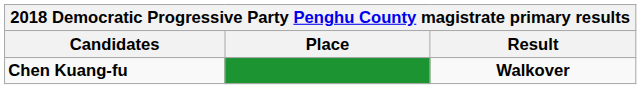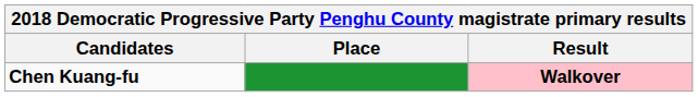 <table class="wikitable collapsible">
 <tr>
 <th colspan="5" width=600>2018 Democratic Progressive Party <a href='#'>Penghu County</a> magistrate primary results</th>
 </tr>
 <tr>
 <th width=80>Candidates</th>
 <th width=80>Place</th>
 <th width=80>Result</th>
 </tr>
 <tr>
 <td><strong>Chen Kuang-fu</strong></td>
 <td style="background: #1B9431; text-align:center"><strong></strong></td>
-<td style="text-align:center"><strong>Walkover</strong></td>
+<td style="background: pink; text-align:center"><strong>Walkover</strong></td>
 </tr>
 </table>
